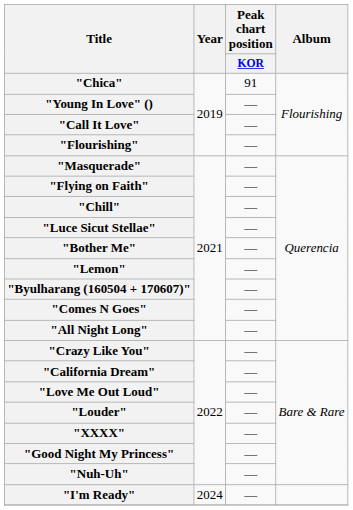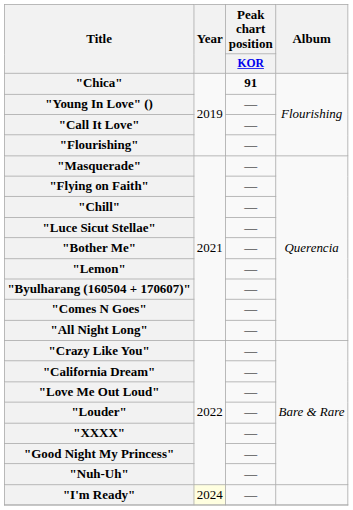 <table class="wikitable plainrowheaders" style="text-align:center;">
 <tr>
 <th scope="col" rowspan="2">Title</th>
 <th scope="col" rowspan="2">Year</th>
 <th scope="col" colspan="1">Peak<br>chart<br>position</th>
 <th scope="col" rowspan="2">Album</th>
 </tr>
 <tr>
 <th scope="col" style="width:3em;font-size:90%;"><a href='#'>KOR</a><br></th>
 </tr>
 <tr>
 <th scope="row">"Chica"</th>
 <td rowspan="4">2019</td>
-<td>91</td>
+<td><strong>91</strong></td>
 <td rowspan="4"><em>Flourishing</em></td>
 </tr>
 <tr>
 <th scope="row">"Young In Love" ()</th>
 <td>—</td>
 </tr>
 <tr>
 <th scope="row">"Call It Love"</th>
 <td>—</td>
 </tr>
 <tr>
 <th scope="row">"Flourishing"</th>
 <td>—</td>
 </tr>
 <tr>
 <th scope="row">"Masquerade"</th>
 <td rowspan="9">2021</td>
 <td>—</td>
 <td rowspan="9"><em>Querencia</em></td>
 </tr>
 <tr>
 <th scope="row">"Flying on Faith"</th>
 <td>—</td>
 </tr>
 <tr>
 <th scope="row">"Chill"</th>
 <td>—</td>
 </tr>
 <tr>
 <th scope="row">"Luce Sicut Stellae"</th>
 <td>—</td>
 </tr>
 <tr>
 <th scope="row">"Bother Me"</th>
 <td>—</td>
 </tr>
 <tr>
 <th scope="row">"Lemon"<br></th>
 <td>—</td>
 </tr>
 <tr>
 <th scope="row">"Byulharang (160504 + 170607)"</th>
 <td>—</td>
 </tr>
 <tr>
 <th scope="row">"Comes N Goes"</th>
 <td>—</td>
 </tr>
 <tr>
 <th scope="row">"All Night Long"</th>
 <td>—</td>
 </tr>
 <tr>
 <th scope="row">"Crazy Like You"<br></th>
 <td rowspan="7">2022</td>
 <td>—</td>
 <td rowspan="7"><em>Bare & Rare</em></td>
 </tr>
 <tr>
 <th scope="row">"California Dream"</th>
 <td>—</td>
 </tr>
 <tr>
 <th scope="row">"Love Me Out Loud"</th>
 <td>—</td>
 </tr>
 <tr>
 <th scope="row">"Louder"</th>
 <td>—</td>
 </tr>
 <tr>
 <th scope="row">"XXXX"</th>
 <td>—</td>
 </tr>
 <tr>
 <th scope="row">"Good Night My Princess"</th>
 <td>—</td>
 </tr>
 <tr>
 <th scope="row">"Nuh-Uh"</th>
 <td>—</td>
 </tr>
 <tr>
 <th scope="row">"I'm Ready"</th>
-<td>2024</td>
+<td style="background: lightyellow;">2024</td>
 <td>—</td>
 <td></td>
 </tr>
 <tr>
 </tr>
 </table>
